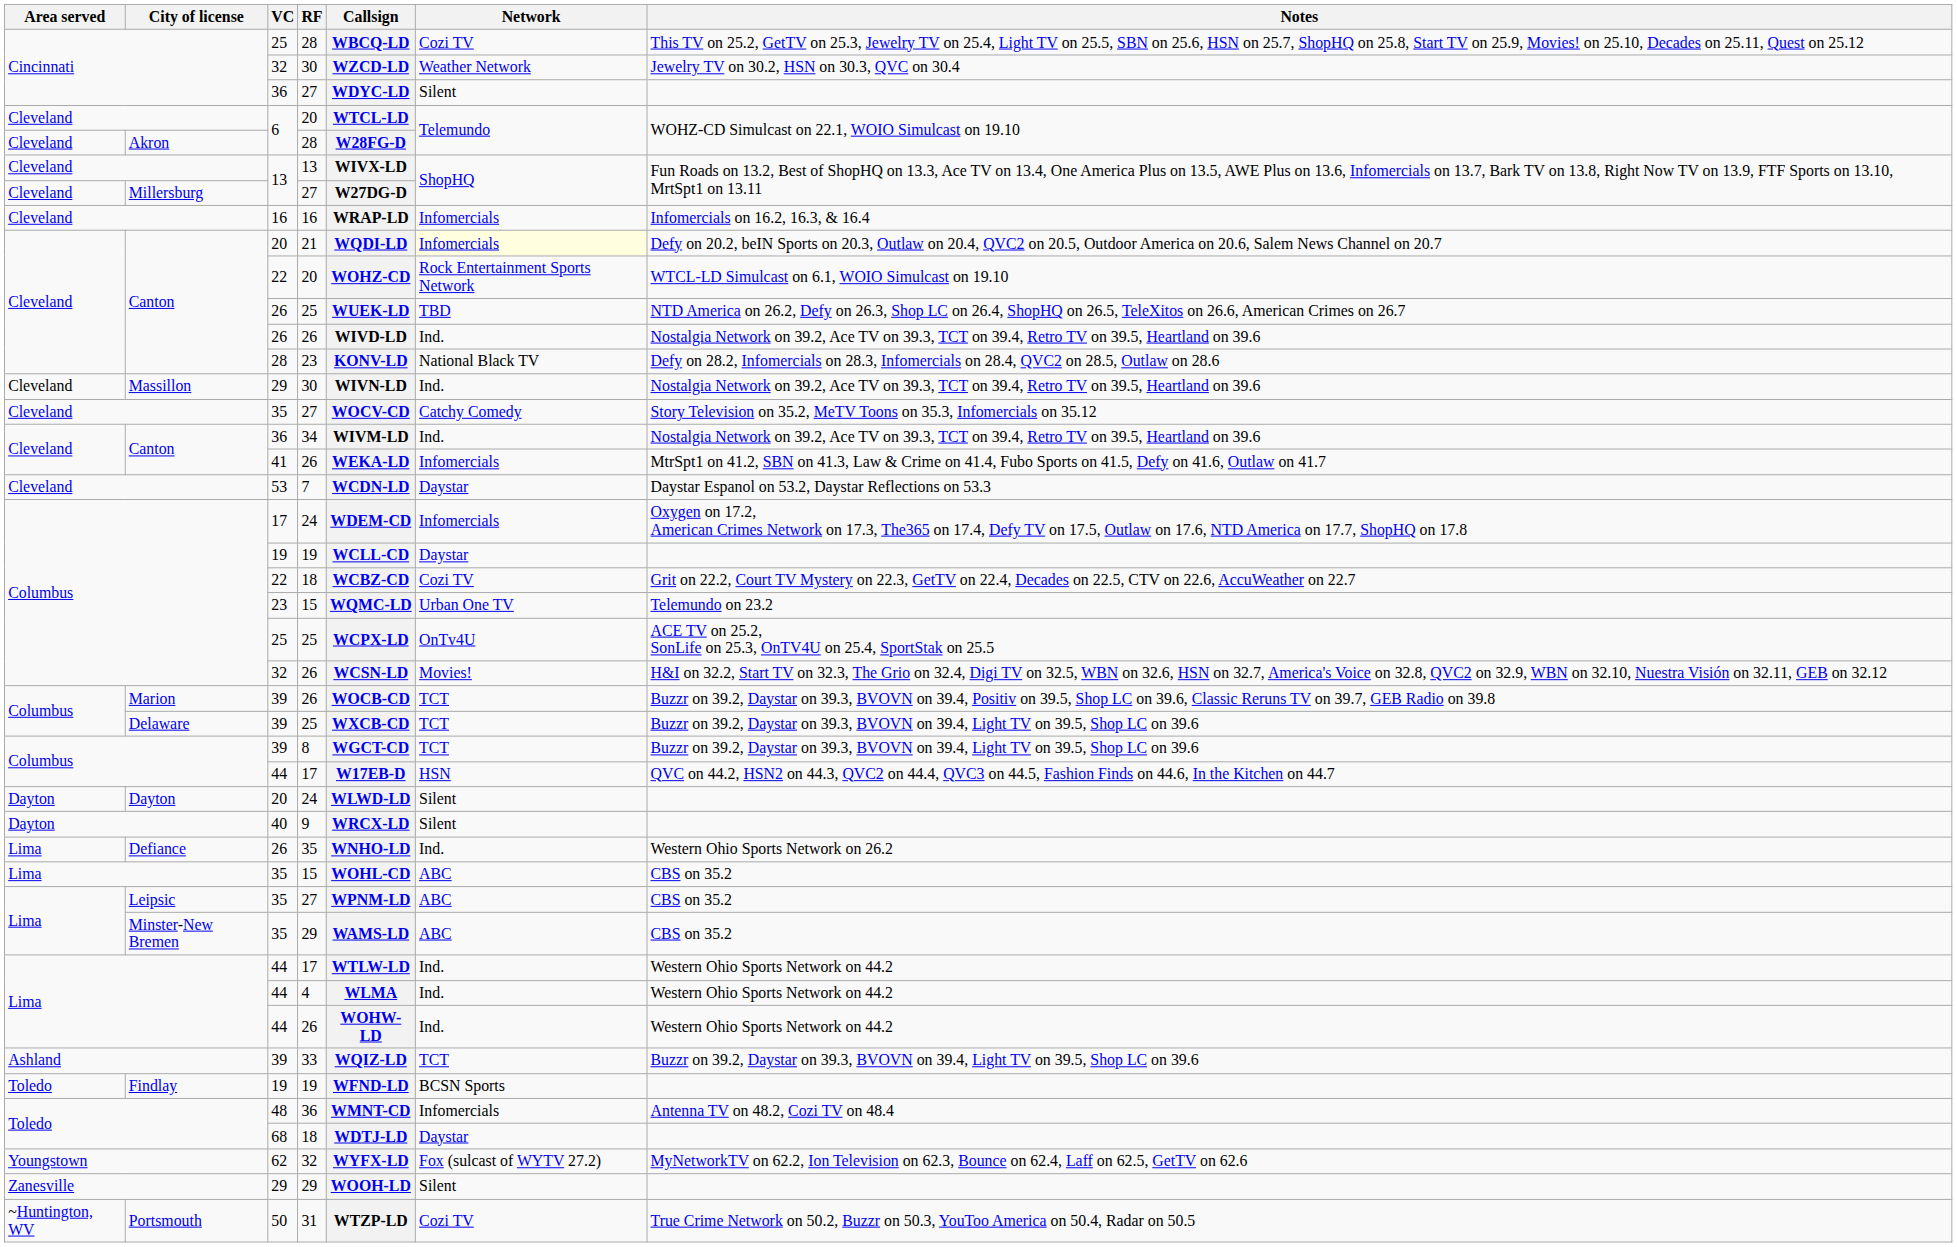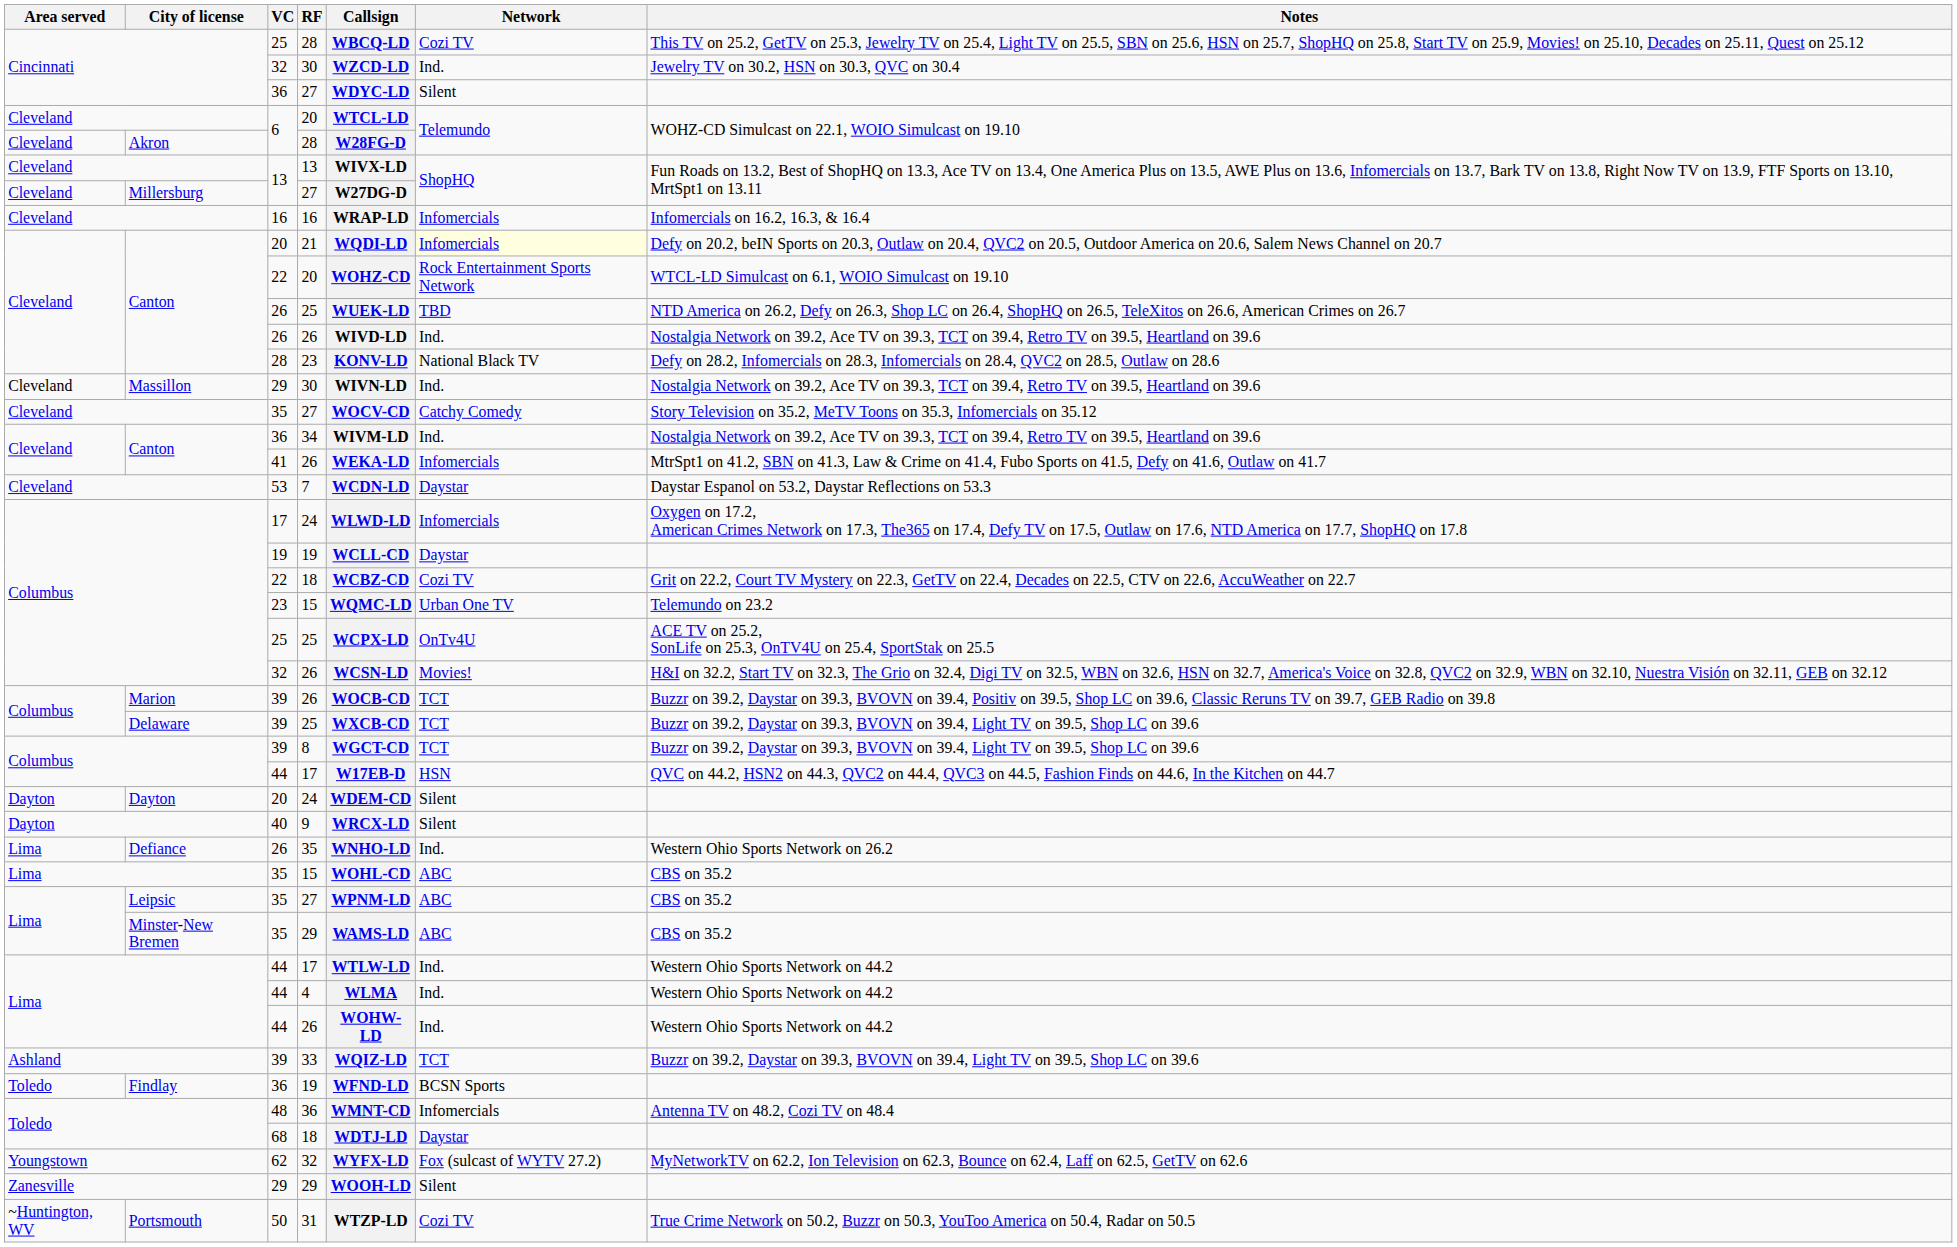 <table class="sortable wikitable">
 <tr>
 <th>Area served</th>
 <th>City of license</th>
 <th>VC</th>
 <th>RF</th>
 <th>Callsign</th>
 <th>Network</th>
 <th class="unsortable">Notes</th>
 </tr>
 <tr>
 <td colspan="2" rowspan="3"><a href='#'>Cincinnati</a></td>
 <td>25</td>
 <td>28</td>
 <th scope="row"><a href='#'>WBCQ-LD</a></th>
 <td><a href='#'>Cozi TV</a></td>
 <td><a href='#'>This TV</a> on 25.2, <a href='#'>GetTV</a> on 25.3, <a href='#'>Jewelry TV</a> on 25.4, <a href='#'>Light TV</a> on 25.5, <a href='#'>SBN</a> on 25.6, <a href='#'>HSN</a> on 25.7, <a href='#'>ShopHQ</a> on 25.8, <a href='#'>Start TV</a> on 25.9, <a href='#'>Movies!</a> on 25.10, <a href='#'>Decades</a> on 25.11, <a href='#'>Quest</a> on 25.12</td>
 </tr>
 <tr>
 <td>32</td>
 <td>30</td>
 <th scope="row"><a href='#'>WZCD-LD</a></th>
-<td><a href='#'>Weather Network</a></td>
+<td>Ind.</td>
 <td><a href='#'>Jewelry TV</a> on 30.2, <a href='#'>HSN</a> on 30.3, <a href='#'>QVC</a> on 30.4</td>
 </tr>
 <tr>
 <td>36</td>
 <td>27</td>
 <th scope="row"><a href='#'>WDYC-LD</a></th>
 <td>Silent</td>
 <td></td>
 </tr>
 <tr>
 <td colspan="2"><a href='#'>Cleveland</a></td>
 <td rowspan="2">6</td>
 <td>20</td>
 <th scope="row"><a href='#'>WTCL-LD</a></th>
 <td rowspan="2"><a href='#'>Telemundo</a></td>
 <td rowspan="2">WOHZ-CD Simulcast on 22.1, <a href='#'>WOIO Simulcast</a> on 19.10</td>
 </tr>
 <tr>
 <td><a href='#'>Cleveland</a></td>
 <td><a href='#'>Akron</a></td>
 <td>28</td>
 <th scope="row"><a href='#'>W28FG-D</a></th>
 </tr>
 <tr>
 <td colspan="2"><a href='#'>Cleveland</a></td>
 <td rowspan="2">13</td>
 <td>13</td>
 <th scope="row">WIVX-LD</th>
 <td rowspan="2"><a href='#'>ShopHQ</a></td>
 <td rowspan="2">Fun Roads on 13.2, Best of ShopHQ on 13.3, Ace TV on 13.4, One America Plus on 13.5, AWE Plus on 13.6, <a href='#'>Infomercials</a> on 13.7, Bark TV on 13.8, Right Now TV on 13.9, FTF Sports on 13.10, MrtSpt1 on 13.11</td>
 </tr>
 <tr>
 <td><a href='#'>Cleveland</a></td>
 <td><a href='#'>Millersburg</a></td>
 <td>27</td>
 <th scope="row">W27DG-D</th>
 </tr>
 <tr>
 <td colspan="2"><a href='#'>Cleveland</a></td>
 <td>16</td>
 <td>16</td>
 <th scope="row">WRAP-LD</th>
 <td><a href='#'>Infomercials</a></td>
 <td><a href='#'>Infomercials</a> on 16.2, 16.3, & 16.4</td>
 </tr>
 <tr>
 <td rowspan="5"><a href='#'>Cleveland</a></td>
 <td rowspan="5"><a href='#'>Canton</a></td>
 <td>20</td>
 <td>21</td>
 <th scope="row"><a href='#'>WQDI-LD</a></th>
 <td style="background: lightyellow;"><a href='#'>Infomercials</a></td>
 <td><a href='#'>Defy</a> on 20.2, beIN Sports on 20.3, <a href='#'>Outlaw</a> on 20.4, <a href='#'>QVC2</a> on 20.5, Outdoor America on 20.6, Salem News Channel on 20.7</td>
 </tr>
 <tr>
 <td>22</td>
 <td>20</td>
 <th scope="row"><a href='#'>WOHZ-CD</a></th>
 <td><a href='#'>Rock Entertainment Sports Network</a></td>
 <td><a href='#'>WTCL-LD Simulcast</a> on 6.1, <a href='#'>WOIO Simulcast</a> on 19.10</td>
 </tr>
 <tr>
 <td>26</td>
 <td>25</td>
 <th scope="row"><a href='#'>WUEK-LD</a></th>
 <td><a href='#'>TBD</a></td>
 <td><a href='#'>NTD America</a> on 26.2, <a href='#'>Defy</a> on 26.3, <a href='#'>Shop LC</a> on 26.4, <a href='#'>ShopHQ</a> on 26.5, <a href='#'>TeleXitos</a> on 26.6, American Crimes on 26.7</td>
 </tr>
 <tr>
 <td>26</td>
 <td>26</td>
 <th scope="row">WIVD-LD</th>
 <td>Ind.</td>
 <td><a href='#'>Nostalgia Network</a> on 39.2, Ace TV on 39.3, <a href='#'>TCT</a> on 39.4, <a href='#'>Retro TV</a> on 39.5, <a href='#'>Heartland</a> on 39.6</td>
 </tr>
 <tr>
 <td>28</td>
 <td>23</td>
 <th scope="row"><a href='#'>KONV-LD</a></th>
 <td>National Black TV</td>
 <td><a href='#'>Defy</a> on 28.2, <a href='#'>Infomercials</a> on 28.3, <a href='#'>Infomercials</a> on 28.4, <a href='#'>QVC2</a> on 28.5, <a href='#'>Outlaw</a> on 28.6</td>
 </tr>
 <tr>
 <td>Cleveland</td>
 <td><a href='#'>Massillon</a></td>
 <td>29</td>
 <td>30</td>
 <th scope="row">WIVN-LD</th>
 <td>Ind.</td>
 <td><a href='#'>Nostalgia Network</a> on 39.2, Ace TV on 39.3, <a href='#'>TCT</a> on 39.4, <a href='#'>Retro TV</a> on 39.5, <a href='#'>Heartland</a> on 39.6</td>
 </tr>
 <tr>
 <td colspan="2"><a href='#'>Cleveland</a></td>
 <td>35</td>
 <td>27</td>
 <th scope="row"><a href='#'>WOCV-CD</a></th>
 <td><a href='#'>Catchy Comedy</a></td>
 <td><a href='#'>Story Television</a> on 35.2, <a href='#'>MeTV Toons</a> on 35.3, <a href='#'>Infomercials</a> on 35.12</td>
 </tr>
 <tr>
 <td rowspan="2"><a href='#'>Cleveland</a></td>
 <td rowspan="2"><a href='#'>Canton</a></td>
 <td>36</td>
 <td>34</td>
 <th scope="row">WIVM-LD</th>
 <td>Ind.</td>
 <td><a href='#'>Nostalgia Network</a> on 39.2, Ace TV on 39.3, <a href='#'>TCT</a> on 39.4, <a href='#'>Retro TV</a> on 39.5, <a href='#'>Heartland</a> on 39.6</td>
 </tr>
 <tr>
 <td>41</td>
 <td>26</td>
 <th scope="row"><a href='#'>WEKA-LD</a></th>
 <td><a href='#'>Infomercials</a></td>
 <td>MtrSpt1 on 41.2, <a href='#'>SBN</a> on 41.3, Law & Crime on 41.4, Fubo Sports on 41.5, <a href='#'>Defy</a> on 41.6, <a href='#'>Outlaw</a> on 41.7</td>
 </tr>
 <tr>
 <td colspan="2"><a href='#'>Cleveland</a></td>
 <td>53</td>
 <td>7</td>
 <th scope="row"><a href='#'>WCDN-LD</a></th>
 <td><a href='#'>Daystar</a></td>
 <td>Daystar Espanol on 53.2, Daystar Reflections on 53.3</td>
 </tr>
 <tr>
 <td colspan="2" rowspan="6"><a href='#'>Columbus</a></td>
 <td>17</td>
 <td>24</td>
-<th scope="row"><a href='#'>WDEM-CD</a></th>
+<th scope="row"><a href='#'>WLWD-LD</a></th>
 <td><a href='#'>Infomercials</a></td>
 <td><a href='#'>Oxygen</a> on 17.2,<br><a href='#'>American Crimes Network</a> on 17.3, <a href='#'>The365</a> on 17.4, <a href='#'>Defy TV</a> on 17.5, <a href='#'>Outlaw</a> on 17.6, <a href='#'>NTD America</a> on 17.7, <a href='#'>ShopHQ</a> on 17.8</td>
 </tr>
 <tr>
 <td>19</td>
 <td>19</td>
 <th scope="row"><a href='#'>WCLL-CD</a></th>
 <td><a href='#'>Daystar</a></td>
 <td></td>
 </tr>
 <tr>
 <td>22</td>
 <td>18</td>
 <th scope="row"><a href='#'>WCBZ-CD</a></th>
 <td><a href='#'>Cozi TV</a></td>
 <td><a href='#'>Grit</a> on 22.2, <a href='#'>Court TV Mystery</a> on 22.3, <a href='#'>GetTV</a> on 22.4, <a href='#'>Decades</a> on 22.5, CTV on 22.6, <a href='#'>AccuWeather</a> on 22.7</td>
 </tr>
 <tr>
 <td>23</td>
 <td>15</td>
 <th scope="row"><a href='#'>WQMC-LD</a></th>
 <td><a href='#'>Urban One TV</a></td>
 <td><a href='#'>Telemundo</a> on 23.2</td>
 </tr>
 <tr>
 <td>25</td>
 <td>25</td>
 <th scope="row"><a href='#'>WCPX-LD</a></th>
 <td><a href='#'>OnTv4U</a></td>
 <td><a href='#'>ACE TV</a> on 25.2,<br><a href='#'>SonLife</a> on 25.3, <a href='#'>OnTV4U</a> on 25.4, <a href='#'>SportStak</a> on 25.5</td>
 </tr>
 <tr>
 <td>32</td>
 <td>26</td>
 <th scope="row"><a href='#'>WCSN-LD</a></th>
 <td><a href='#'>Movies!</a></td>
 <td><a href='#'>H&I</a> on 32.2, <a href='#'>Start TV</a> on 32.3, <a href='#'>The Grio</a> on 32.4, <a href='#'>Digi TV</a> on 32.5, <a href='#'>WBN</a> on 32.6, <a href='#'>HSN</a> on 32.7, <a href='#'>America's Voice</a> on 32.8, <a href='#'>QVC2</a> on 32.9, <a href='#'>WBN</a> on 32.10, <a href='#'>Nuestra Visión</a> on 32.11, <a href='#'>GEB</a> on 32.12</td>
 </tr>
 <tr>
 <td colspan="1" rowspan="2"><a href='#'>Columbus</a></td>
 <td><a href='#'>Marion</a></td>
 <td>39</td>
 <td>26</td>
 <th scope="row"><a href='#'>WOCB-CD</a></th>
 <td><a href='#'>TCT</a></td>
 <td><a href='#'>Buzzr</a> on 39.2, <a href='#'>Daystar</a> on 39.3, <a href='#'>BVOVN</a> on 39.4, <a href='#'>Positiv</a> on 39.5, <a href='#'>Shop LC</a> on 39.6, <a href='#'>Classic Reruns TV</a> on 39.7, <a href='#'>GEB Radio</a> on 39.8</td>
 </tr>
 <tr>
 <td><a href='#'>Delaware</a></td>
 <td>39</td>
 <td>25</td>
 <th scope="row"><a href='#'>WXCB-CD</a></th>
 <td><a href='#'>TCT</a></td>
 <td><a href='#'>Buzzr</a> on 39.2, <a href='#'>Daystar</a> on 39.3, <a href='#'>BVOVN</a> on 39.4, <a href='#'>Light TV</a> on 39.5, <a href='#'>Shop LC</a> on 39.6</td>
 </tr>
 <tr>
 <td colspan="2" rowspan="2"><a href='#'>Columbus</a></td>
 <td>39</td>
 <td>8</td>
 <th scope="row"><a href='#'>WGCT-CD</a></th>
 <td><a href='#'>TCT</a></td>
 <td><a href='#'>Buzzr</a> on 39.2, <a href='#'>Daystar</a> on 39.3, <a href='#'>BVOVN</a> on 39.4, <a href='#'>Light TV</a> on 39.5, <a href='#'>Shop LC</a> on 39.6</td>
 </tr>
 <tr>
 <td>44</td>
 <td>17</td>
 <th scope="row"><a href='#'>W17EB-D</a></th>
 <td><a href='#'>HSN</a></td>
 <td><a href='#'>QVC</a> on 44.2, <a href='#'>HSN2</a> on 44.3, <a href='#'>QVC2</a> on 44.4, <a href='#'>QVC3</a> on 44.5, <a href='#'>Fashion Finds</a> on 44.6, <a href='#'>In the Kitchen</a> on 44.7</td>
 </tr>
 <tr>
 <td><a href='#'>Dayton</a></td>
 <td><a href='#'>Dayton</a></td>
 <td>20</td>
 <td>24</td>
-<th scope="row"><a href='#'>WLWD-LD</a></th>
+<th scope="row"><a href='#'>WDEM-CD</a></th>
 <td>Silent</td>
 <td></td>
 </tr>
 <tr>
 <td colspan="2"><a href='#'>Dayton</a></td>
 <td>40</td>
 <td>9</td>
 <th scope="row"><a href='#'>WRCX-LD</a></th>
 <td>Silent</td>
 <td></td>
 </tr>
 <tr>
 <td><a href='#'>Lima</a></td>
 <td><a href='#'>Defiance</a></td>
 <td>26</td>
 <td>35</td>
 <th scope="row"><a href='#'>WNHO-LD</a></th>
 <td>Ind.</td>
 <td>Western Ohio Sports Network on 26.2</td>
 </tr>
 <tr>
 <td colspan="2"><a href='#'>Lima</a></td>
 <td>35</td>
 <td>15</td>
 <th scope="row"><a href='#'>WOHL-CD</a></th>
 <td><a href='#'>ABC</a></td>
 <td><a href='#'>CBS</a> on 35.2</td>
 </tr>
 <tr>
 <td colspan="1" rowspan="2"><a href='#'>Lima</a></td>
 <td><a href='#'>Leipsic</a></td>
 <td>35</td>
 <td>27</td>
 <th scope="row"><a href='#'>WPNM-LD</a></th>
 <td><a href='#'>ABC</a></td>
 <td><a href='#'>CBS</a> on 35.2</td>
 </tr>
 <tr>
 <td><a href='#'>Minster</a>-<a href='#'>New Bremen</a></td>
 <td>35</td>
 <td>29</td>
 <th scope="row"><a href='#'>WAMS-LD</a></th>
 <td><a href='#'>ABC</a></td>
 <td><a href='#'>CBS</a> on 35.2</td>
 </tr>
 <tr>
 <td colspan="2" rowspan="3"><a href='#'>Lima</a></td>
 <td>44</td>
 <td>17</td>
 <th scope="row"><a href='#'>WTLW-LD</a></th>
 <td>Ind.</td>
 <td>Western Ohio Sports Network on 44.2</td>
 </tr>
 <tr>
 <td>44</td>
 <td>4</td>
 <th scope="row"><a href='#'>WLMA</a></th>
 <td>Ind.</td>
 <td>Western Ohio Sports Network on 44.2</td>
 </tr>
 <tr>
 <td>44</td>
 <td>26</td>
 <th scope="row"><a href='#'>WOHW-LD</a></th>
 <td>Ind.</td>
 <td>Western Ohio Sports Network on 44.2</td>
 </tr>
 <tr>
 <td colspan="2"><a href='#'>Ashland</a></td>
 <td>39</td>
 <td>33</td>
 <th scope="row"><a href='#'>WQIZ-LD</a></th>
 <td><a href='#'>TCT</a></td>
 <td><a href='#'>Buzzr</a> on 39.2, <a href='#'>Daystar</a> on 39.3, <a href='#'>BVOVN</a> on 39.4, <a href='#'>Light TV</a> on 39.5, <a href='#'>Shop LC</a> on 39.6</td>
 </tr>
 <tr>
 <td><a href='#'>Toledo</a></td>
 <td><a href='#'>Findlay</a></td>
-<td>19</td>
+<td>36</td>
 <td>19</td>
 <th scope="row"><a href='#'>WFND-LD</a></th>
 <td>BCSN Sports</td>
 <td></td>
 </tr>
 <tr>
 <td colspan="2" rowspan="2"><a href='#'>Toledo</a></td>
 <td>48</td>
 <td>36</td>
 <th scope="row"><a href='#'>WMNT-CD</a></th>
 <td>Infomercials</td>
 <td><a href='#'>Antenna TV</a> on 48.2, <a href='#'>Cozi TV</a> on 48.4</td>
 </tr>
 <tr>
 <td>68</td>
 <td>18</td>
 <th scope="row"><a href='#'>WDTJ-LD</a></th>
 <td><a href='#'>Daystar</a></td>
 <td></td>
 </tr>
 <tr>
 <td colspan="2"><a href='#'>Youngstown</a></td>
 <td>62</td>
 <td>32</td>
 <th scope="row"><a href='#'>WYFX-LD</a></th>
 <td><a href='#'>Fox</a> (sulcast of <a href='#'>WYTV</a> 27.2)</td>
 <td><a href='#'>MyNetworkTV</a> on 62.2, <a href='#'>Ion Television</a> on 62.3, <a href='#'>Bounce</a> on 62.4, <a href='#'>Laff</a> on 62.5, <a href='#'>GetTV</a> on 62.6</td>
 </tr>
 <tr>
 <td colspan="2"><a href='#'>Zanesville</a></td>
 <td>29</td>
 <td>29</td>
 <th scope="row"><a href='#'>WOOH-LD</a></th>
 <td>Silent</td>
 <td></td>
 </tr>
 <tr>
 <td>~<a href='#'>Huntington, WV</a></td>
 <td><a href='#'>Portsmouth</a></td>
 <td>50</td>
 <td>31</td>
 <th scope="row">WTZP-LD</th>
 <td><a href='#'>Cozi TV</a></td>
 <td><a href='#'>True Crime Network</a> on 50.2, <a href='#'>Buzzr</a> on 50.3, <a href='#'>YouToo America</a> on 50.4, Radar on 50.5</td>
 </tr>
 </table>
